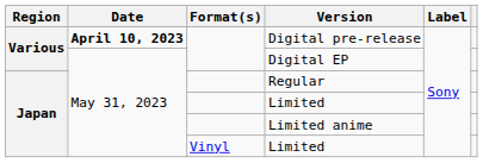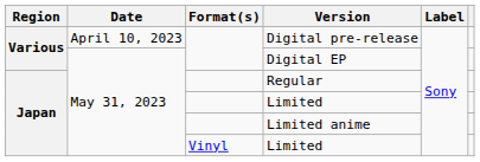 <table class="wikitable plainrowheaders">
 <tr>
 <th scope="col">Region</th>
 <th scope="col">Date</th>
 <th scope="col">Format(s)</th>
 <th scope="col">Version</th>
 <th scope="col">Label</th>
 <th scope="col"></th>
 </tr>
 <tr>
 <th rowspan="2" scope="row">Various</th>
-<td><strong>April 10, 2023</strong></td>
+<td>April 10, 2023</td>
 <td rowspan="2"></td>
 <td>Digital pre-release</td>
 <td rowspan="6"><a href='#'>Sony</a></td>
 <td align="center"></td>
 </tr>
 <tr>
 <td rowspan="5">May 31, 2023</td>
 <td>Digital EP</td>
 <td align="center"></td>
 </tr>
 <tr>
 <th rowspan="4" scope="row">Japan</th>
 <td></td>
 <td>Regular</td>
 <td align="center"></td>
 </tr>
 <tr>
 <td></td>
 <td>Limited</td>
 <td align="center"></td>
 </tr>
 <tr>
 <td></td>
 <td>Limited anime</td>
 <td align="center"></td>
 </tr>
 <tr>
 <td><a href='#'>Vinyl</a></td>
 <td>Limited</td>
 <td align="center"></td>
 </tr>
 </table>
